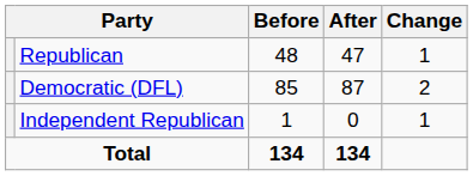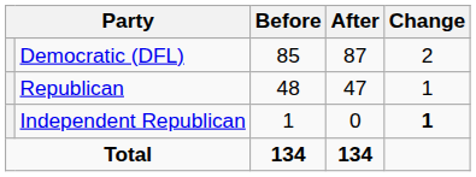 <table class="wikitable" style="text-align:center;">
 <tr>
 <th colspan="2">Party</th>
 <th>Before</th>
 <th>After</th>
 <th>Change</th>
+</tr>
+<tr>
+<th style="background-color:"></th>
+<td style="text-align:left;"><a href='#'>Democratic (DFL)</a></td>
+<td>85</td>
+<td>87</td>
+<td> 2</td>
 </tr>
 <tr>
 <th style="background-color:"></th>
 <td style="text-align:left;"><a href='#'>Republican</a></td>
 <td>48</td>
 <td>47</td>
 <td> 1</td>
 </tr>
 <tr>
 <th style="background-color:"></th>
-<td style="text-align:left;"><a href='#'>Democratic (DFL)</a></td>
-<td>85</td>
-<td>87</td>
-<td> 2</td>
-</tr>
-<tr>
-<th style="background-color:"></th>
 <td style="text-align:left;"><a href='#'>Independent Republican</a></td>
 <td>1</td>
 <td>0</td>
-<td> 1</td>
+<td><strong> 1</strong></td>
 </tr>
 <tr>
 <td colspan="2"><strong>Total</strong></td>
 <td><strong>134</strong></td>
 <td><strong>134</strong></td>
 <td></td>
 </tr>
 </table>
